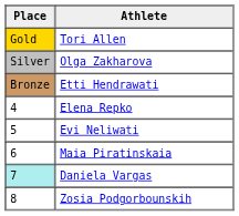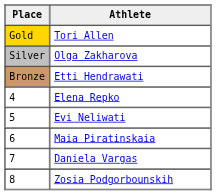 <table border=1 cellpadding=5 cellspacing=0>
 <tr>
 <th style="background:#efefef;" width="20">Place</th>
 <th style="background:#efefef;" width="200">Athlete</th>
 </tr>
 <tr align=left>
 <td style="background:gold;">Gold</td>
 <td><a href='#'>Tori Allen</a></td>
 </tr>
 <tr align=left>
 <td style="background:silver;">Silver</td>
 <td><a href='#'>Olga Zakharova</a></td>
 </tr>
 <tr align=left>
 <td style="background:#CC9966;">Bronze</td>
 <td><a href='#'>Etti Hendrawati</a></td>
 </tr>
 <tr align=left>
 <td>4</td>
 <td><a href='#'>Elena Repko</a></td>
 </tr>
 <tr align=left>
 <td>5</td>
 <td><a href='#'>Evi Neliwati</a></td>
 </tr>
 <tr align=left>
 <td>6</td>
 <td><a href='#'>Maia Piratinskaia</a></td>
 </tr>
 <tr align=left>
-<td style="background: paleturquoise;">7</td>
+<td>7</td>
 <td><a href='#'>Daniela Vargas</a></td>
 </tr>
 <tr align=left>
 <td>8</td>
 <td><a href='#'>Zosia Podgorbounskih</a></td>
 </tr>
 </table>
